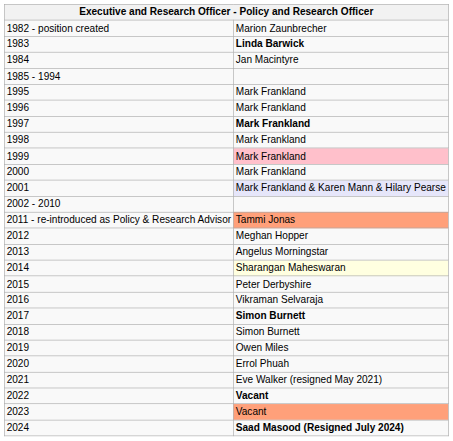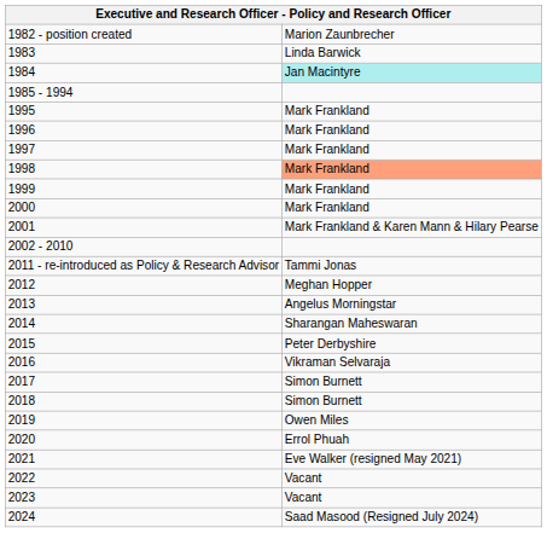 <table class="wikitable mw-collapsible mw-collapsed">
 <tr>
 <th colspan=4>Executive and Research Officer - Policy and Research Officer</th>
 </tr>
 <tr>
 <td>1982 - position created</td>
 <td>Marion Zaunbrecher</td>
 </tr>
 <tr>
 <td>1983</td>
-<td><strong>Linda Barwick</strong></td>
+<td>Linda Barwick</td>
 </tr>
 <tr>
 <td>1984</td>
-<td>Jan Macintyre</td>
+<td style="background: paleturquoise;">Jan Macintyre</td>
 </tr>
 <tr>
 <td>1985 - 1994</td>
 <td></td>
 </tr>
 <tr>
 <td>1995</td>
 <td>Mark Frankland</td>
 </tr>
 <tr>
 <td>1996</td>
 <td>Mark Frankland</td>
 </tr>
 <tr>
 <td>1997</td>
-<td><strong>Mark Frankland</strong></td>
+<td>Mark Frankland</td>
 </tr>
 <tr>
 <td>1998</td>
-<td>Mark Frankland</td>
+<td style="background: lightsalmon;">Mark Frankland</td>
 </tr>
 <tr>
 <td>1999</td>
-<td style="background: pink;">Mark Frankland</td>
+<td>Mark Frankland</td>
 </tr>
 <tr>
 <td>2000</td>
 <td>Mark Frankland</td>
 </tr>
 <tr>
 <td>2001</td>
-<td style="background: lavender;">Mark Frankland & Karen Mann & Hilary Pearse</td>
+<td>Mark Frankland & Karen Mann & Hilary Pearse</td>
 </tr>
 <tr>
 <td>2002 - 2010</td>
 <td></td>
 </tr>
 <tr>
 <td>2011 - re-introduced as Policy & Research Advisor</td>
-<td style="background: lightsalmon;">Tammi Jonas</td>
+<td>Tammi Jonas</td>
 </tr>
 <tr>
 <td>2012</td>
 <td>Meghan Hopper</td>
 </tr>
 <tr>
 <td>2013</td>
 <td>Angelus Morningstar</td>
 </tr>
 <tr>
 <td>2014</td>
-<td style="background: lightyellow;">Sharangan Maheswaran</td>
+<td>Sharangan Maheswaran</td>
 </tr>
 <tr>
 <td>2015</td>
 <td>Peter Derbyshire</td>
 </tr>
 <tr>
 <td>2016</td>
 <td>Vikraman Selvaraja</td>
 </tr>
 <tr>
 <td>2017</td>
-<td><strong>Simon Burnett</strong></td>
+<td>Simon Burnett</td>
 </tr>
 <tr>
 <td>2018</td>
 <td>Simon Burnett</td>
 </tr>
 <tr>
 <td>2019</td>
 <td>Owen Miles</td>
 </tr>
 <tr>
 <td>2020</td>
 <td>Errol Phuah</td>
 </tr>
 <tr>
 <td>2021</td>
 <td>Eve Walker (resigned May 2021)</td>
 </tr>
 <tr>
 <td>2022</td>
-<td><strong>Vacant</strong></td>
+<td>Vacant</td>
 </tr>
 <tr>
 <td>2023</td>
-<td style="background: lightsalmon;">Vacant</td>
+<td>Vacant</td>
 </tr>
 <tr>
 <td>2024</td>
-<td><strong>Saad Masood (Resigned July 2024)</strong></td>
+<td>Saad Masood (Resigned July 2024)</td>
 </tr>
 </table>
